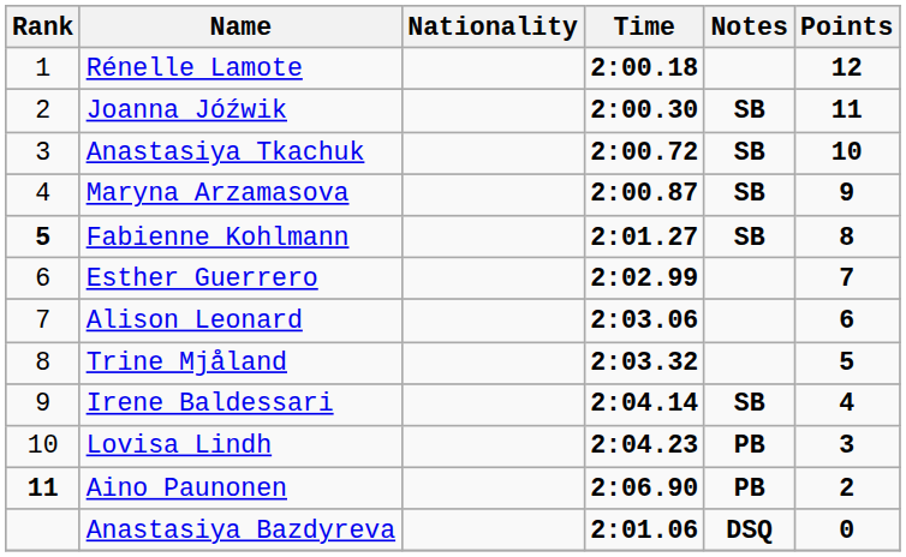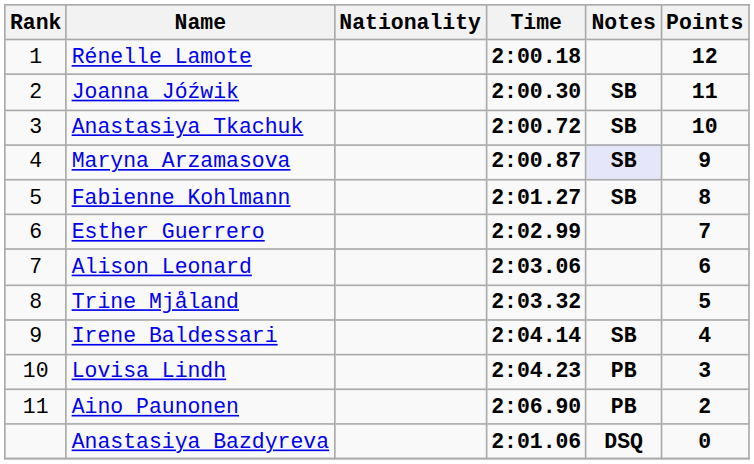 <table class="wikitable sortable" style="text-align:center">
 <tr>
 <th>Rank</th>
 <th>Name</th>
 <th>Nationality</th>
 <th>Time</th>
 <th>Notes</th>
 <th>Points</th>
 </tr>
 <tr>
 <td>1</td>
 <td align=left><a href='#'>Rénelle Lamote</a></td>
 <td align=left></td>
 <td><strong>2:00.18</strong></td>
 <td></td>
 <td><strong>12</strong></td>
 </tr>
 <tr>
 <td>2</td>
 <td align=left><a href='#'>Joanna Jóźwik</a></td>
 <td align=left></td>
 <td><strong>2:00.30</strong></td>
 <td><strong>SB </strong></td>
 <td><strong>11</strong></td>
 </tr>
 <tr>
 <td>3</td>
 <td align=left><a href='#'>Anastasiya Tkachuk</a></td>
 <td align=left></td>
 <td><strong>2:00.72</strong></td>
 <td><strong>SB </strong></td>
 <td><strong>10</strong></td>
 </tr>
 <tr>
 <td>4</td>
 <td align=left><a href='#'>Maryna Arzamasova</a></td>
 <td align=left></td>
 <td><strong>2:00.87</strong></td>
-<td><strong>SB </strong></td>
+<td style="background: lavender;"><strong>SB </strong></td>
 <td><strong>9</strong></td>
 </tr>
 <tr>
-<td><strong>5</strong></td>
+<td>5</td>
 <td align=left><a href='#'>Fabienne Kohlmann</a></td>
 <td align=left></td>
 <td><strong>2:01.27</strong></td>
 <td><strong>SB </strong></td>
 <td><strong>8</strong></td>
 </tr>
 <tr>
 <td>6</td>
 <td align=left><a href='#'>Esther Guerrero</a></td>
 <td align=left></td>
 <td><strong>2:02.99</strong></td>
 <td></td>
 <td><strong>7</strong></td>
 </tr>
 <tr>
 <td>7</td>
 <td align=left><a href='#'>Alison Leonard</a></td>
 <td align=left></td>
 <td><strong>2:03.06</strong></td>
 <td></td>
 <td><strong>6</strong></td>
 </tr>
 <tr>
 <td>8</td>
 <td align=left><a href='#'>Trine Mjåland</a></td>
 <td align=left></td>
 <td><strong>2:03.32</strong></td>
 <td></td>
 <td><strong>5</strong></td>
 </tr>
 <tr>
 <td>9</td>
 <td align=left><a href='#'>Irene Baldessari</a></td>
 <td align=left></td>
 <td><strong>2:04.14</strong></td>
 <td><strong>SB </strong></td>
 <td><strong>4</strong></td>
 </tr>
 <tr>
 <td>10</td>
 <td align=left><a href='#'>Lovisa Lindh</a></td>
 <td align=left></td>
 <td><strong>2:04.23</strong></td>
 <td><strong>PB </strong></td>
 <td><strong>3</strong></td>
 </tr>
 <tr>
-<td><strong>11</strong></td>
+<td>11</td>
 <td align=left><a href='#'>Aino Paunonen</a></td>
 <td align=left></td>
 <td><strong>2:06.90</strong></td>
 <td><strong>PB </strong></td>
 <td><strong>2</strong></td>
 </tr>
 <tr>
 <td></td>
 <td align=left><a href='#'>Anastasiya Bazdyreva</a></td>
 <td align=left></td>
 <td><strong>2:01.06</strong></td>
 <td><strong>DSQ </strong></td>
 <td><strong>0</strong></td>
 </tr>
 <tr>
 </tr>
 </table>
